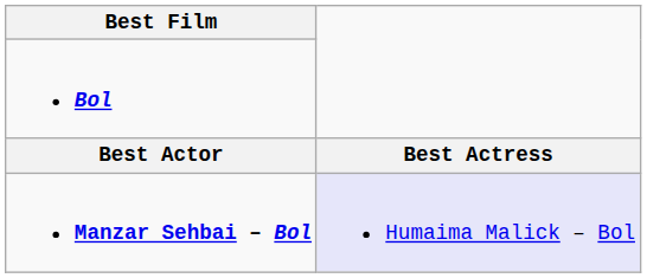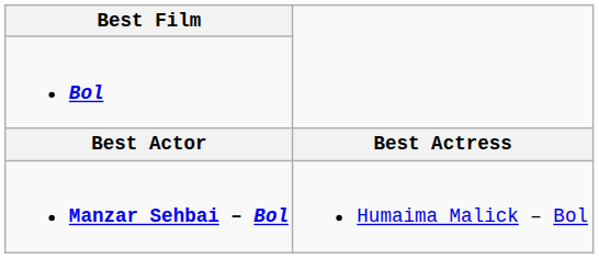 <table class=wikitable style="width=100%">
 <tr>
 <th style="width=50%">Best Film</th>
 </tr>
 <tr>
 <td valign="top"><br><ul><li><strong><em><a href='#'>Bol</a></em></strong></li></ul></td>
 </tr>
 <tr>
 <th style="width=50%">Best Actor</th>
 <th style="width=50%">Best Actress</th>
 </tr>
 <tr>
 <td valign="top"><br><ul><li><strong><a href='#'>Manzar Sehbai</a> – <em><a href='#'>Bol</a><strong><em></li></ul></td>
-<td valign="top" style="background: lavender;"><br><ul><li></strong><a href='#'>Humaima Malick</a> – </em><a href='#'>Bol</a></em></strong></li></ul></td>
+<td valign="top"><br><ul><li></strong><a href='#'>Humaima Malick</a> – </em><a href='#'>Bol</a></em></strong></li></ul></td>
 </tr>
 </table>
